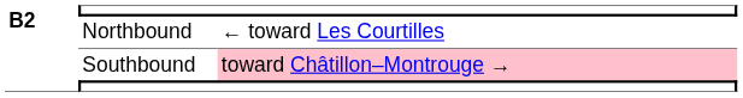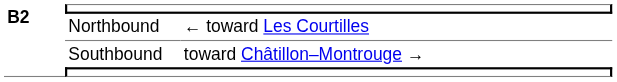 <table border=0 cellspacing=0 cellpadding=3>
 <tr>
 <td style="border-bottom:solid 1px gray;" width=50 rowspan=10 valign=top><strong>B2</strong></td>
 <td style="border-top:solid 1px gray;border-right:solid 2px black;border-left:solid 2px black;border-bottom:solid 2px black;text-align:center;" colspan=2></td>
 </tr>
 <tr>
 <td style="border-bottom:solid 1px gray;" width=100>Northbound</td>
 <td style="border-bottom:solid 1px gray;" width=390>←   toward <a href='#'>Les Courtilles</a> </td>
 </tr>
 <tr>
 <td>Southbound</td>
-<td style="background: pink;">   toward <a href='#'>Châtillon–Montrouge</a>  →</td>
+<td>   toward <a href='#'>Châtillon–Montrouge</a>  →</td>
 </tr>
 <tr>
 <td style="border-top:solid 2px black;border-right:solid 2px black;border-left:solid 2px black;border-bottom:solid 1px gray;text-align:center;" colspan=2></td>
 </tr>
 </table>
